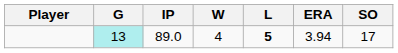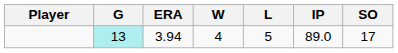 <table class="wikitable sortable">
 <tr>
 <th bgcolor="#DDDDFF" width="16%">Player</th>
 <th bgcolor="#DDDDFF" width="9%">G</th>
-<th bgcolor="#DDDDFF" width="9%">IP</th>
+<th bgcolor="#DDDDFF" width="9%">ERA</th>
 <th bgcolor="#DDDDFF" width="9%">W</th>
 <th bgcolor="#DDDDFF" width="9%">L</th>
-<th bgcolor="#DDDDFF" width="9%">ERA</th>
+<th bgcolor="#DDDDFF" width="9%">IP</th>
 <th bgcolor="#DDDDFF" width="9%">SO</th>
 </tr>
 <tr align="center">
 <td></td>
 <td style="background: paleturquoise;">13</td>
+<td>3.94</td>
+<td>4</td>
+<td>5</td>
 <td>89.0</td>
-<td>4</td>
-<td><strong>5</strong></td>
-<td>3.94</td>
 <td>17</td>
 </tr>
 </table>
